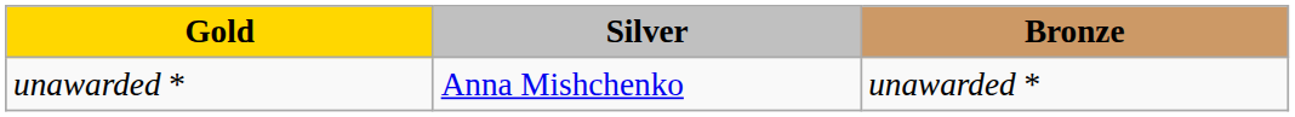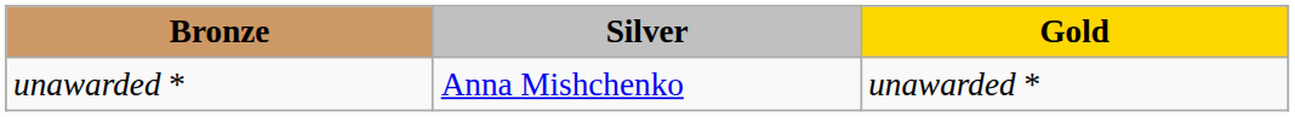 <table class="wikitable" style="text-align:left">
 <tr align="center">
+<td width=200 bgcolor=CC9966><strong>Bronze</strong></td>
+<td width=200 bgcolor=silver><strong>Silver</strong></td>
 <td width=200 bgcolor=gold><strong>Gold</strong></td>
-<td width=200 bgcolor=silver><strong>Silver</strong></td>
-<td width=200 bgcolor=CC9966><strong>Bronze</strong></td>
 </tr>
 <tr>
 <td><em>unawarded</em> *</td>
 <td><a href='#'>Anna Mishchenko</a><br><em></em></td>
 <td><em>unawarded</em> *</td>
 </tr>
 </table>
